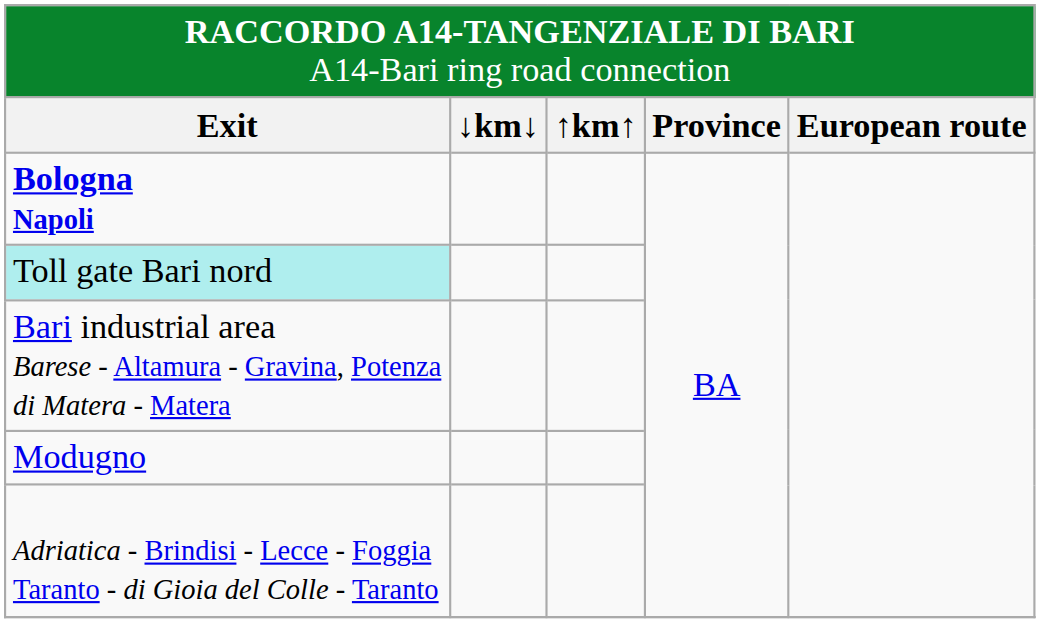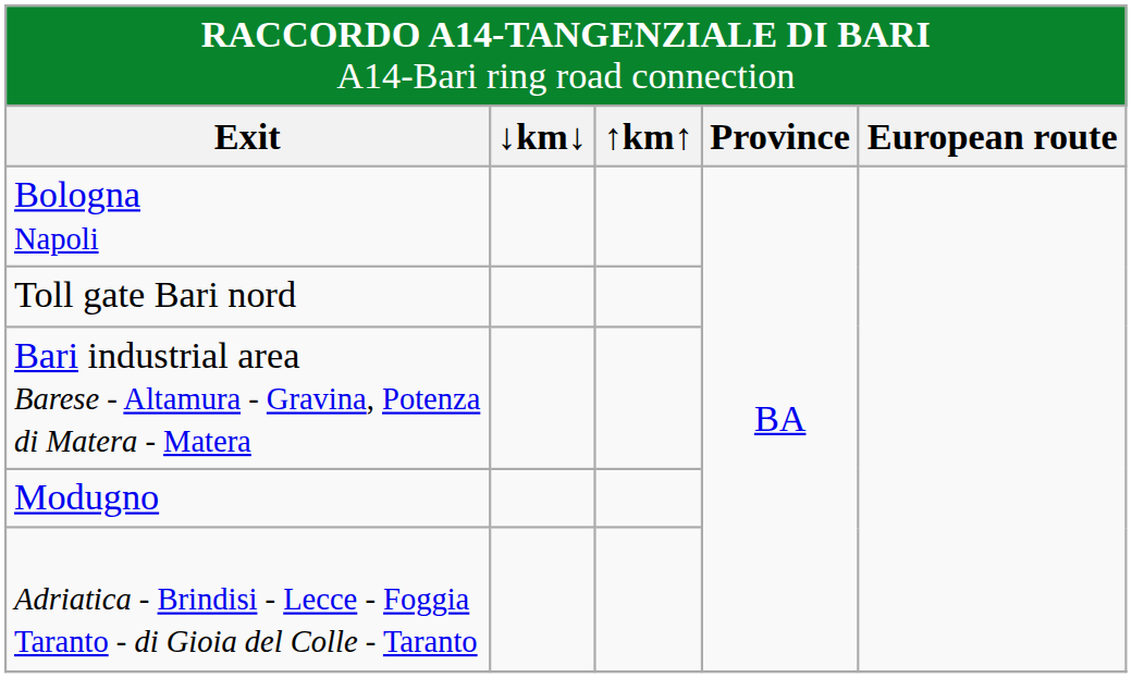 <table class="wikitable">
 <tr>
 </tr>
 <tr align="center" style="color: white;font-size:100%;" bgcolor="#08842c">
 <td colspan="6"> <strong>RACCORDO A14-TANGENZIALE DI BARI</strong><br>A14-Bari ring road connection</td>
 </tr>
 <tr>
 <th><strong>Exit</strong></th>
 <th align="center"><strong>↓km↓</strong></th>
 <th align="center"><strong>↑km↑</strong></th>
 <th align="center"><strong>Province</strong></th>
 <th align="center"><strong>European route</strong></th>
 </tr>
 <tr>
-<td><strong>   <a href='#'>Bologna</a><br><small>  <a href='#'>Napoli</a></small></strong></td>
+<td>   <a href='#'>Bologna</a><br><small>  <a href='#'>Napoli</a></small></td>
 <td align="right"></td>
 <td align="right"></td>
 <td rowspan=5 align="center"><a href='#'>BA</a></td>
 <td rowspan="5" align="center"></td>
 </tr>
 <tr>
-<td style="background: paleturquoise;"> Toll gate Bari nord</td>
+<td> Toll gate Bari nord</td>
 <td align="right"></td>
 <td align="right"></td>
 </tr>
 <tr>
 <td>  <a href='#'>Bari</a> industrial area<br><small> <em>Barese</em> - <a href='#'>Altamura</a> - <a href='#'>Gravina</a>, <a href='#'>Potenza</a><br> <em>di Matera</em> - <a href='#'>Matera</a></small></td>
 <td align="right"></td>
 <td align="right"></td>
 </tr>
 <tr>
 <td> <a href='#'>Modugno</a></td>
 <td align="right"></td>
 <td align="right"></td>
 </tr>
 <tr>
 <td>    <br><small>  <em>Adriatica</em> - <a href='#'>Brindisi</a> - <a href='#'>Lecce</a> - <a href='#'>Foggia</a></small><br><small>  <a href='#'>Taranto</a> -  <em>di Gioia del Colle</em> - <a href='#'>Taranto</a></small></td>
 <td align="right"></td>
 <td align="right"></td>
 </tr>
 <tr>
 </tr>
 </table>
